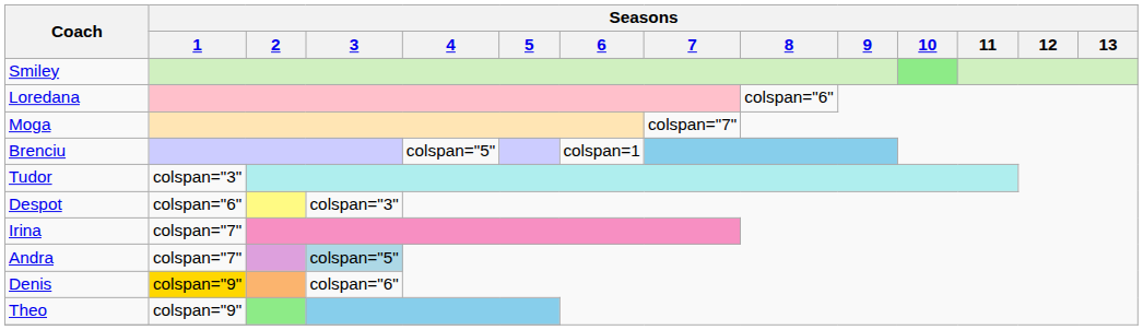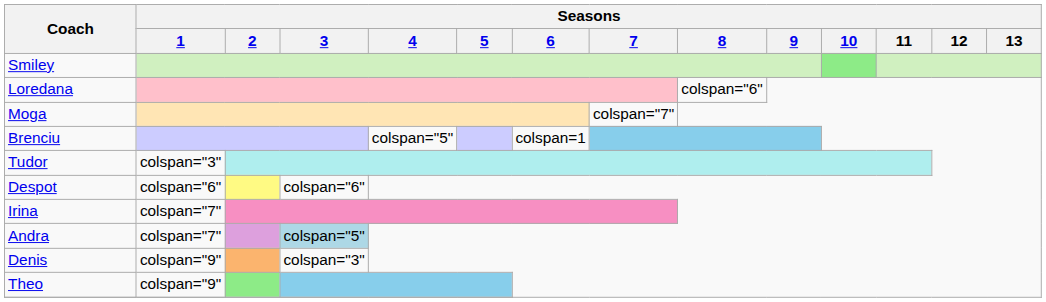 <table class="wikitable mw-collapsible" width:"50%">
 <tr>
 <th rowspan="2" style="width:130px;">Coach</th>
 <th colspan="13" style="text-align:center;">Seasons</th>
 </tr>
 <tr>
 <th ! style="width:50px;"><a href='#'>1</a></th>
 <th ! style="width:50px;"><a href='#'>2</a></th>
 <th ! style="width:50px;"><a href='#'>3</a></th>
 <th ! style="width:50px;"><a href='#'>4</a></th>
 <th ! style="width:50px;"><a href='#'>5</a></th>
 <th ! style="width:50px;"><a href='#'>6</a></th>
 <th ! style="width:50px;"><a href='#'>7</a></th>
 <th ! style="width:50px;"><a href='#'>8</a></th>
 <th ! style="width:50px;"><a href='#'>9</a></th>
 <th ! style="width:50px;"><a href='#'>10</a></th>
 <th ! style="width:50px;">11</th>
 <th ! style="width:50px;">12</th>
 <th ! style="width:50px;">13</th>
 </tr>
 <tr>
 <td><a href='#'>Smiley</a></td>
 <td colspan=9 style="background:#d0f0c0;"></td>
 <td colspan="1" style="background:#8deb87;"></td>
 <td colspan="3" style="background:#d0f0c0;"></td>
 </tr>
 <tr>
 <td><a href='#'>Loredana</a></td>
 <td colspan="7" style="background:pink;"></td>
 <td>colspan="6" </td>
 </tr>
 <tr>
 <td><a href='#'>Moga</a></td>
 <td colspan="6" style="background:#ffe5b4;"></td>
 <td>colspan="7" </td>
 </tr>
 <tr>
 <td><a href='#'>Brenciu</a></td>
 <td colspan="3" style="background:#CCCCFF;"></td>
 <td>colspan="5" </td>
 <td colspan="1" style="background:#CCCCFF;"></td>
 <td>colspan=1 </td>
 <td colspan="3" style="background:#87ceeb;"></td>
 </tr>
 <tr>
 <td><a href='#'>Tudor</a></td>
 <td>colspan="3" </td>
 <td colspan="10" style="background:#afeeee;"></td>
 </tr>
 <tr>
 <td><a href='#'>Despot</a></td>
 <td>colspan="6" </td>
 <td colspan="1" style="background:#fffa83;"></td>
-<td>colspan="3" </td>
+<td>colspan="6" </td>
 </tr>
 <tr>
 <td><a href='#'>Irina</a></td>
 <td>colspan="7" </td>
 <td colspan="6" style="background:#F78FC2;"></td>
 </tr>
 <tr>
 <td><a href='#'>Andra</a></td>
 <td>colspan="7" </td>
 <td colspan="1" style="background:#dda0dd;"></td>
 <td style="background: lightblue;">colspan="5" </td>
 </tr>
 <tr>
 <td><a href='#'>Denis</a></td>
-<td style="background: gold;">colspan="9" </td>
+<td>colspan="9" </td>
 <td colspan="1" style="background:#fbb46e;"></td>
-<td>colspan="6" </td>
+<td>colspan="3" </td>
 </tr>
 <tr>
 <td><a href='#'>Theo</a></td>
 <td>colspan="9" </td>
 <td colspan="1" style="background:#8deb87;"></td>
 <td colspan="3" style="background:#87ceeb;"></td>
 </tr>
 <tr>
 </tr>
 </table>
